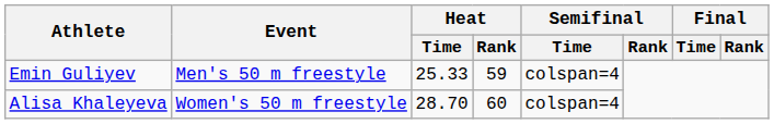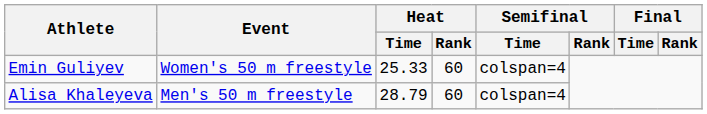 <table class=wikitable style=font-size:90%;text-align:center>
 <tr>
 <th rowspan=2>Athlete</th>
 <th rowspan=2>Event</th>
 <th colspan=2>Heat</th>
 <th colspan=2>Semifinal</th>
 <th colspan=2>Final</th>
 </tr>
 <tr style=font-size:95%>
 <th>Time</th>
 <th>Rank</th>
 <th>Time</th>
 <th>Rank</th>
 <th>Time</th>
 <th>Rank</th>
 </tr>
 <tr>
 <td align=left><a href='#'>Emin Guliyev</a></td>
-<td align=left><a href='#'>Men's 50 m freestyle</a></td>
+<td align=left><a href='#'>Women's 50 m freestyle</a></td>
 <td>25.33</td>
-<td>59</td>
+<td>60</td>
 <td>colspan=4 </td>
 </tr>
 <tr>
 <td align=left><a href='#'>Alisa Khaleyeva</a></td>
-<td align=left><a href='#'>Women's 50 m freestyle</a></td>
-<td>28.70</td>
+<td align=left><a href='#'>Men's 50 m freestyle</a></td>
+<td>28.79</td>
 <td>60</td>
 <td>colspan=4 </td>
 </tr>
 </table>
